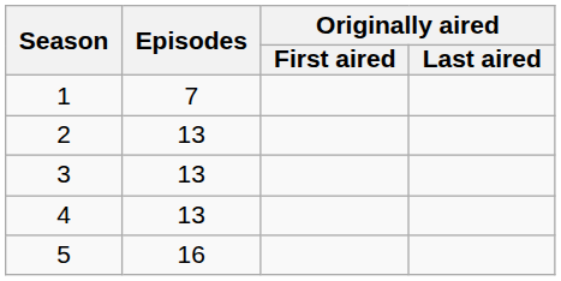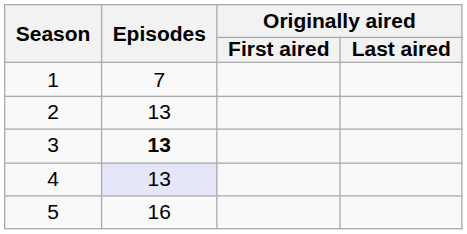 <table class="wikitable" style="text-align: center;">
 <tr>
 <th scope="col" style="padding: 0 8px;" colspan=" ohiasfdllllj" rowspan="2">Season</th>
 <th scope="col" style="padding: 0 8px;" rowspan="2">Episodes</th>
 <th scope="col" colspan="2">Originally aired</th>
 </tr>
 <tr>
 <th scope="col" style="padding: 0 8px;">First aired</th>
 <th scope="col" style="padding: 0 8px;">Last aired</th>
 </tr>
 <tr>
 <td scope="row">1</td>
 <td>7</td>
 <td></td>
 <td></td>
 </tr>
 <tr>
 <td scope="row">2</td>
 <td>13</td>
 <td></td>
 <td></td>
 </tr>
 <tr>
 <td scope="row">3</td>
-<td>13</td>
+<td><strong>13</strong></td>
 <td></td>
 <td></td>
 </tr>
 <tr>
 <td scope="row">4</td>
-<td>13</td>
+<td style="background: lavender;">13</td>
 <td></td>
 <td></td>
 </tr>
 <tr>
 <td scope="row">5</td>
 <td>16</td>
 <td></td>
 <td></td>
 </tr>
 </table>
